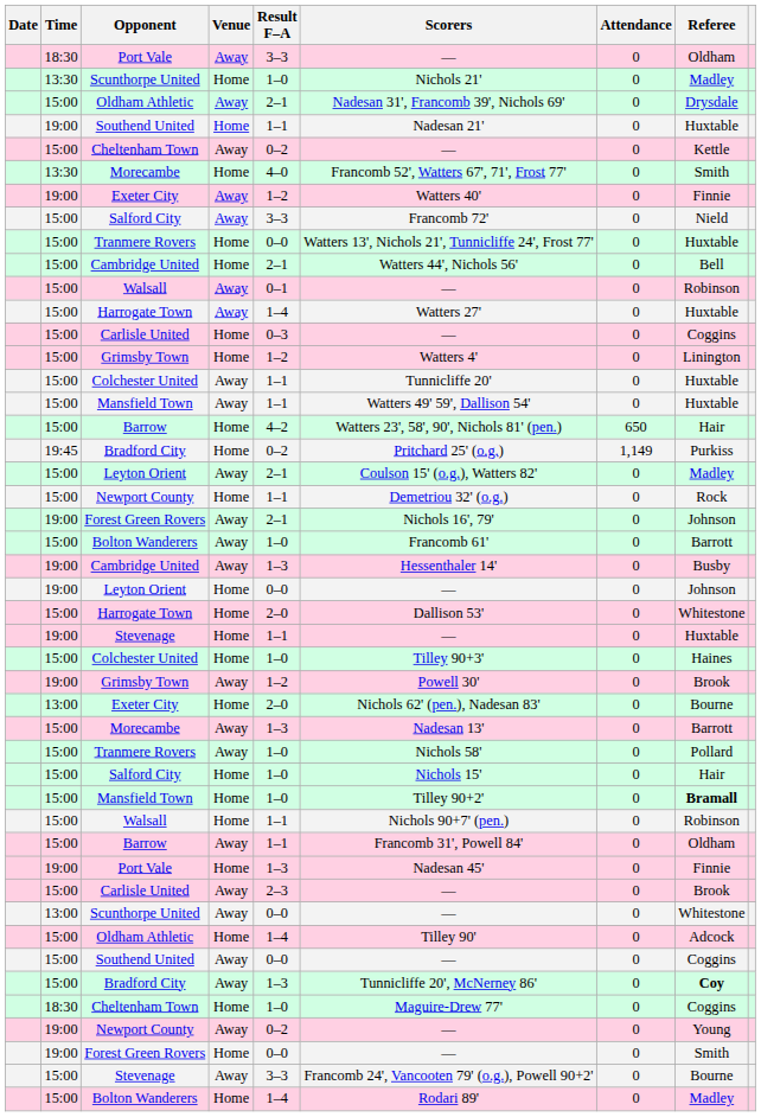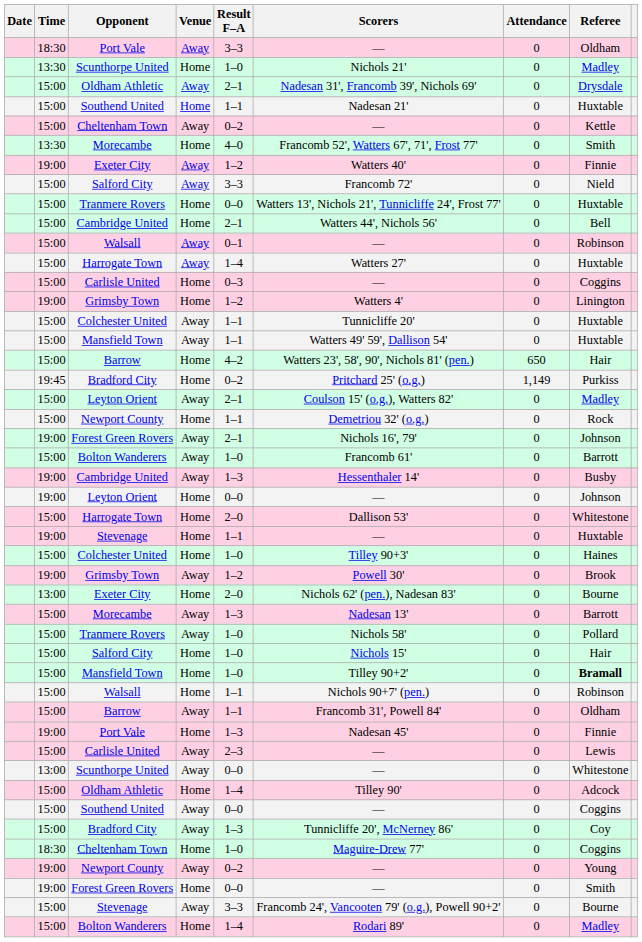 <table class="wikitable sortable" style="text-align:center">
 <tr>
 <th>Date</th>
 <th>Time</th>
 <th>Opponent</th>
 <th>Venue</th>
 <th>Result<br>F–A</th>
 <th class="unsortable">Scorers</th>
 <th>Attendance</th>
 <th class="unsortable">Referee</th>
 <th class="unsortable"></th>
 </tr>
 <tr bgcolor="#ffd0e3">
 <td></td>
 <td>18:30</td>
 <td><a href='#'>Port Vale</a></td>
 <td><a href='#'>Away</a></td>
 <td>3–3</td>
 <td>—</td>
 <td>0</td>
 <td>Oldham</td>
 <td></td>
 </tr>
 <tr bgcolor="#d0ffe3">
 <td></td>
 <td>13:30</td>
 <td><a href='#'>Scunthorpe United</a></td>
 <td>Home</td>
 <td>1–0</td>
 <td>Nichols 21'</td>
 <td>0</td>
 <td><a href='#'>Madley</a></td>
 <td></td>
 </tr>
 <tr bgcolor="#d0ffe3">
 <td></td>
 <td>15:00</td>
 <td><a href='#'>Oldham Athletic</a></td>
 <td><a href='#'>Away</a></td>
 <td>2–1</td>
 <td><a href='#'>Nadesan</a> 31', <a href='#'>Francomb</a> 39', Nichols 69'</td>
 <td>0</td>
 <td><a href='#'>Drysdale</a></td>
 <td></td>
 </tr>
 <tr bgcolor="#f3f3f3">
 <td></td>
-<td>19:00</td>
+<td>15:00</td>
 <td><a href='#'>Southend United</a></td>
 <td><a href='#'>Home</a></td>
 <td>1–1</td>
 <td>Nadesan 21'</td>
 <td>0</td>
 <td>Huxtable</td>
 <td></td>
 </tr>
 <tr bgcolor="#ffd0e3">
 <td></td>
 <td>15:00</td>
 <td><a href='#'>Cheltenham Town</a></td>
 <td>Away</td>
 <td>0–2</td>
 <td>—</td>
 <td>0</td>
 <td>Kettle</td>
 <td></td>
 </tr>
 <tr bgcolor="#d0ffe3">
 <td></td>
 <td>13:30</td>
 <td><a href='#'>Morecambe</a></td>
 <td>Home</td>
 <td>4–0</td>
 <td>Francomb 52', <a href='#'>Watters</a> 67', 71', <a href='#'>Frost</a> 77'</td>
 <td>0</td>
 <td>Smith</td>
 <td></td>
 </tr>
 <tr bgcolor="#ffd0e3">
 <td></td>
 <td>19:00</td>
 <td><a href='#'>Exeter City</a></td>
 <td><a href='#'>Away</a></td>
 <td>1–2</td>
 <td>Watters 40'</td>
 <td>0</td>
 <td>Finnie</td>
 <td></td>
 </tr>
 <tr bgcolor="#f3f3f3">
 <td></td>
 <td>15:00</td>
 <td><a href='#'>Salford City</a></td>
 <td><a href='#'>Away</a></td>
 <td>3–3</td>
 <td>Francomb 72'</td>
 <td>0</td>
 <td>Nield</td>
 <td></td>
 </tr>
 <tr bgcolor="#d0ffe3">
 <td></td>
 <td>15:00</td>
 <td><a href='#'>Tranmere Rovers</a></td>
 <td>Home</td>
 <td>0–0</td>
 <td>Watters 13', Nichols 21', <a href='#'>Tunnicliffe</a> 24', Frost 77'</td>
 <td>0</td>
 <td>Huxtable</td>
 <td></td>
 </tr>
 <tr bgcolor="#d0ffe3">
 <td></td>
 <td>15:00</td>
 <td><a href='#'>Cambridge United</a></td>
 <td>Home</td>
 <td>2–1</td>
 <td>Watters 44', Nichols 56'</td>
 <td>0</td>
 <td>Bell</td>
 <td></td>
 </tr>
 <tr bgcolor="#ffd0e3">
 <td></td>
 <td>15:00</td>
 <td><a href='#'>Walsall</a></td>
 <td><a href='#'>Away</a></td>
 <td>0–1</td>
 <td>—</td>
 <td>0</td>
 <td>Robinson</td>
 <td></td>
 </tr>
 <tr bgcolor="#f3f3f3">
 <td></td>
 <td>15:00</td>
 <td><a href='#'>Harrogate Town</a></td>
 <td><a href='#'>Away</a></td>
 <td>1–4</td>
 <td>Watters 27'</td>
 <td>0</td>
 <td>Huxtable</td>
 <td></td>
 </tr>
 <tr bgcolor="#ffd0e3">
 <td></td>
 <td>15:00</td>
 <td><a href='#'>Carlisle United</a></td>
 <td>Home</td>
 <td>0–3</td>
 <td>—</td>
 <td>0</td>
 <td>Coggins</td>
 <td></td>
 </tr>
 <tr bgcolor="#ffd0e3">
 <td></td>
-<td>15:00</td>
+<td>19:00</td>
 <td><a href='#'>Grimsby Town</a></td>
 <td>Home</td>
 <td>1–2</td>
 <td>Watters 4'</td>
 <td>0</td>
 <td>Linington</td>
 <td></td>
 </tr>
 <tr bgcolor="#f3f3f3">
 <td></td>
 <td>15:00</td>
 <td><a href='#'>Colchester United</a></td>
 <td>Away</td>
 <td>1–1</td>
 <td>Tunnicliffe 20'</td>
 <td>0</td>
 <td>Huxtable</td>
 <td></td>
 </tr>
 <tr bgcolor="#f3f3f3">
 <td></td>
 <td>15:00</td>
 <td><a href='#'>Mansfield Town</a></td>
 <td>Away</td>
 <td>1–1</td>
 <td>Watters 49' 59', <a href='#'>Dallison</a> 54'</td>
 <td>0</td>
 <td>Huxtable</td>
 <td></td>
 </tr>
 <tr bgcolor="#d0ffe3">
 <td></td>
 <td>15:00</td>
 <td><a href='#'>Barrow</a></td>
 <td>Home</td>
 <td>4–2</td>
 <td>Watters 23', 58', 90', Nichols 81' (<a href='#'>pen.</a>)</td>
 <td>650</td>
 <td>Hair</td>
 <td></td>
 </tr>
 <tr bgcolor="#f3f3f3">
 <td></td>
 <td>19:45</td>
 <td><a href='#'>Bradford City</a></td>
 <td>Home</td>
 <td>0–2</td>
 <td><a href='#'>Pritchard</a> 25' (<a href='#'>o.g.</a>)</td>
 <td>1,149</td>
 <td>Purkiss</td>
 <td></td>
 </tr>
 <tr bgcolor="#d0ffe3">
 <td></td>
 <td>15:00</td>
 <td><a href='#'>Leyton Orient</a></td>
 <td>Away</td>
 <td>2–1</td>
 <td><a href='#'>Coulson</a> 15' (<a href='#'>o.g.</a>), Watters 82'</td>
 <td>0</td>
 <td><a href='#'>Madley</a></td>
 <td></td>
 </tr>
 <tr bgcolor="#f3f3f3">
 <td></td>
 <td>15:00</td>
 <td><a href='#'>Newport County</a></td>
 <td>Home</td>
 <td>1–1</td>
 <td><a href='#'>Demetriou</a> 32' (<a href='#'>o.g.</a>)</td>
 <td>0</td>
 <td>Rock</td>
 <td></td>
 </tr>
 <tr bgcolor="#d0ffe3">
 <td></td>
 <td>19:00</td>
 <td><a href='#'>Forest Green Rovers</a></td>
 <td>Away</td>
 <td>2–1</td>
 <td>Nichols 16', 79'</td>
 <td>0</td>
 <td>Johnson</td>
 <td></td>
 </tr>
 <tr bgcolor="#d0ffe3">
 <td></td>
 <td>15:00</td>
 <td><a href='#'>Bolton Wanderers</a></td>
 <td>Away</td>
 <td>1–0</td>
 <td>Francomb 61'</td>
 <td>0</td>
 <td>Barrott</td>
 <td></td>
 </tr>
 <tr bgcolor="#ffd0e3">
 <td></td>
 <td>19:00</td>
 <td><a href='#'>Cambridge United</a></td>
 <td>Away</td>
 <td>1–3</td>
 <td><a href='#'>Hessenthaler</a> 14'</td>
 <td>0</td>
 <td>Busby</td>
 <td></td>
 </tr>
 <tr bgcolor="#f3f3f3">
 <td></td>
 <td>19:00</td>
 <td><a href='#'>Leyton Orient</a></td>
 <td>Home</td>
 <td>0–0</td>
 <td>—</td>
 <td>0</td>
 <td>Johnson</td>
 <td></td>
 </tr>
 <tr bgcolor="#ffd0e3">
 <td></td>
 <td>15:00</td>
 <td><a href='#'>Harrogate Town</a></td>
 <td>Home</td>
 <td>2–0</td>
 <td>Dallison 53'</td>
 <td>0</td>
 <td>Whitestone</td>
 <td></td>
 </tr>
 <tr bgcolor="#ffd0e3">
 <td></td>
 <td>19:00</td>
 <td><a href='#'>Stevenage</a></td>
 <td>Home</td>
 <td>1–1</td>
 <td>—</td>
 <td>0</td>
 <td>Huxtable</td>
 <td></td>
 </tr>
 <tr bgcolor="#d0ffe3">
 <td></td>
 <td>15:00</td>
 <td><a href='#'>Colchester United</a></td>
 <td>Home</td>
 <td>1–0</td>
 <td><a href='#'>Tilley</a> 90+3'</td>
 <td>0</td>
 <td>Haines</td>
 <td></td>
 </tr>
 <tr bgcolor="#ffd0e3">
 <td></td>
 <td>19:00</td>
 <td><a href='#'>Grimsby Town</a></td>
 <td>Away</td>
 <td>1–2</td>
 <td><a href='#'>Powell</a> 30'</td>
 <td>0</td>
 <td>Brook</td>
 <td></td>
 </tr>
 <tr bgcolor="#d0ffe3">
 <td></td>
 <td>13:00</td>
 <td><a href='#'>Exeter City</a></td>
 <td>Home</td>
 <td>2–0</td>
 <td>Nichols 62' (<a href='#'>pen.</a>), Nadesan 83'</td>
 <td>0</td>
 <td>Bourne</td>
 <td></td>
 </tr>
 <tr bgcolor="#ffd0e3">
 <td></td>
 <td>15:00</td>
 <td><a href='#'>Morecambe</a></td>
 <td>Away</td>
 <td>1–3</td>
 <td><a href='#'>Nadesan</a> 13'</td>
 <td>0</td>
 <td>Barrott</td>
 <td></td>
 </tr>
 <tr bgcolor="#d0ffe3">
 <td></td>
 <td>15:00</td>
 <td><a href='#'>Tranmere Rovers</a></td>
 <td>Away</td>
 <td>1–0</td>
 <td>Nichols 58'</td>
 <td>0</td>
 <td>Pollard</td>
 <td></td>
 </tr>
 <tr bgcolor="#d0ffe3">
 <td></td>
 <td>15:00</td>
 <td><a href='#'>Salford City</a></td>
 <td>Home</td>
 <td>1–0</td>
 <td><a href='#'>Nichols</a> 15'</td>
 <td>0</td>
 <td>Hair</td>
 <td></td>
 </tr>
 <tr bgcolor="#d0ffe3">
 <td></td>
 <td>15:00</td>
 <td><a href='#'>Mansfield Town</a></td>
 <td>Home</td>
 <td>1–0</td>
 <td>Tilley 90+2'</td>
 <td>0</td>
 <td><strong>Bramall</strong></td>
 <td></td>
 </tr>
 <tr bgcolor="#f3f3f3">
 <td></td>
 <td>15:00</td>
 <td><a href='#'>Walsall</a></td>
 <td>Home</td>
 <td>1–1</td>
 <td>Nichols 90+7' (<a href='#'>pen.</a>)</td>
 <td>0</td>
 <td>Robinson</td>
 <td></td>
 </tr>
 <tr bgcolor="#ffd0e3">
 <td></td>
 <td>15:00</td>
 <td><a href='#'>Barrow</a></td>
 <td>Away</td>
 <td>1–1</td>
 <td>Francomb 31', Powell 84'</td>
 <td>0</td>
 <td>Oldham</td>
 <td></td>
 </tr>
 <tr bgcolor="#ffd0e3">
 <td></td>
 <td>19:00</td>
 <td><a href='#'>Port Vale</a></td>
 <td>Home</td>
 <td>1–3</td>
 <td>Nadesan 45'</td>
 <td>0</td>
 <td>Finnie</td>
 <td></td>
 </tr>
 <tr bgcolor="#ffd0e3">
 <td></td>
 <td>15:00</td>
 <td><a href='#'>Carlisle United</a></td>
 <td>Away</td>
 <td>2–3</td>
 <td>—</td>
 <td>0</td>
-<td>Brook</td>
+<td>Lewis</td>
 <td></td>
 </tr>
 <tr bgcolor="#f3f3f3">
 <td></td>
 <td>13:00</td>
 <td><a href='#'>Scunthorpe United</a></td>
 <td>Away</td>
 <td>0–0</td>
 <td>—</td>
 <td>0</td>
 <td>Whitestone</td>
 <td></td>
 </tr>
 <tr bgcolor="#ffd0e3">
 <td></td>
 <td>15:00</td>
 <td><a href='#'>Oldham Athletic</a></td>
 <td>Home</td>
 <td>1–4</td>
 <td>Tilley 90'</td>
 <td>0</td>
 <td>Adcock</td>
 <td></td>
 </tr>
 <tr bgcolor="#f3f3f3">
 <td></td>
 <td>15:00</td>
 <td><a href='#'>Southend United</a></td>
 <td>Away</td>
 <td>0–0</td>
 <td>—</td>
 <td>0</td>
 <td>Coggins</td>
 <td></td>
 </tr>
 <tr bgcolor="#d0ffe3">
 <td></td>
 <td>15:00</td>
 <td><a href='#'>Bradford City</a></td>
 <td>Away</td>
 <td>1–3</td>
 <td>Tunnicliffe 20', <a href='#'>McNerney</a> 86'</td>
 <td>0</td>
-<td><strong>Coy</strong></td>
+<td>Coy</td>
 <td></td>
 </tr>
 <tr bgcolor="#d0ffe3">
 <td></td>
 <td>18:30</td>
 <td><a href='#'>Cheltenham Town</a></td>
 <td>Home</td>
 <td>1–0</td>
 <td><a href='#'>Maguire-Drew</a> 77'</td>
 <td>0</td>
 <td>Coggins</td>
 <td></td>
 </tr>
 <tr bgcolor="#ffd0e3">
 <td></td>
 <td>19:00</td>
 <td><a href='#'>Newport County</a></td>
 <td>Away</td>
 <td>0–2</td>
 <td>—</td>
 <td>0</td>
 <td>Young</td>
 <td></td>
 </tr>
 <tr bgcolor="#f3f3f3">
 <td></td>
 <td>19:00</td>
 <td><a href='#'>Forest Green Rovers</a></td>
 <td>Home</td>
 <td>0–0</td>
 <td>—</td>
 <td>0</td>
 <td>Smith</td>
 <td></td>
 </tr>
 <tr bgcolor="#f3f3f3">
 <td></td>
 <td>15:00</td>
 <td><a href='#'>Stevenage</a></td>
 <td>Away</td>
 <td>3–3</td>
 <td>Francomb 24', <a href='#'>Vancooten</a> 79' (<a href='#'>o.g.</a>), Powell 90+2'</td>
 <td>0</td>
 <td>Bourne</td>
 <td></td>
 </tr>
 <tr bgcolor="#ffd0e3">
 <td></td>
 <td>15:00</td>
 <td><a href='#'>Bolton Wanderers</a></td>
 <td>Home</td>
 <td>1–4</td>
 <td><a href='#'>Rodari</a> 89'</td>
 <td>0</td>
 <td><a href='#'>Madley</a></td>
 <td></td>
 </tr>
 </table>
